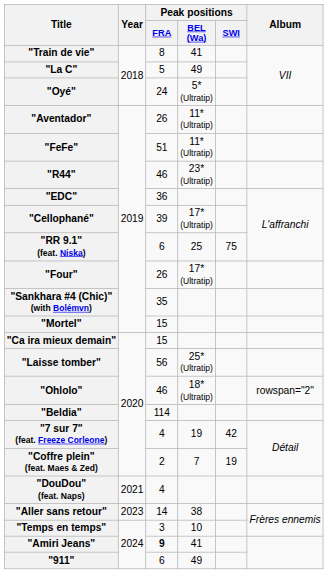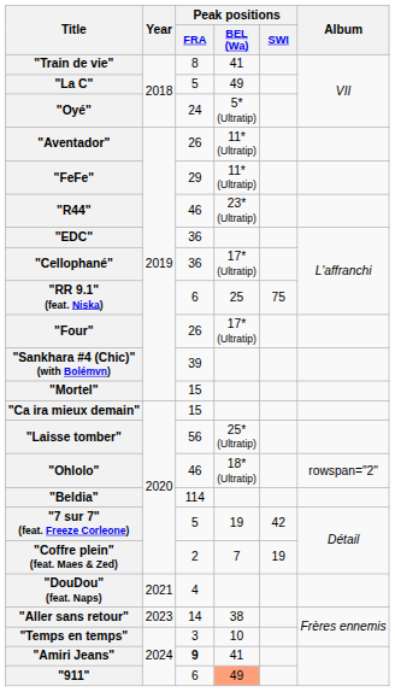 <table class="wikitable plainrowheaders" style="text-align:center">
 <tr>
 <th scope="col" rowspan="2">Title</th>
 <th scope="col" rowspan="2">Year</th>
 <th scope="col" colspan="3">Peak positions</th>
 <th scope="col" rowspan="2">Album</th>
 </tr>
 <tr>
 <th scope="col" style="width:3em;font-size:90%;"><a href='#'>FRA</a><br></th>
 <th scope="col" style="width:3em;font-size:90%;"><a href='#'>BEL <br>(Wa)</a><br></th>
 <th scope="col" style="width:3em;font-size:90%;"><a href='#'>SWI</a><br></th>
 </tr>
 <tr>
 <th scope="row">"Train de vie"</th>
 <td rowspan="3">2018</td>
 <td>8</td>
 <td>41</td>
 <td></td>
 <td rowspan="3"><em>VII</em></td>
 </tr>
 <tr>
 <th scope="row">"La C"</th>
 <td>5</td>
 <td>49</td>
 <td></td>
 </tr>
 <tr>
 <th scope="row">"Oyé"</th>
 <td>24</td>
 <td>5*<br><small>(Ultratip)</small></td>
 <td></td>
 </tr>
 <tr>
 <th scope="row">"Aventador"</th>
 <td rowspan="9">2019</td>
 <td>26</td>
 <td>11*<br><small>(Ultratip)</small></td>
 <td></td>
 <td></td>
 </tr>
 <tr>
 <th scope="row">"FeFe"</th>
-<td>51</td>
+<td>29</td>
 <td>11*<br><small>(Ultratip)</small></td>
 <td></td>
 <td></td>
 </tr>
 <tr>
 <th scope="row">"R44"</th>
 <td>46</td>
 <td>23*<br><small>(Ultratip)</small></td>
 <td></td>
 <td></td>
 </tr>
 <tr>
 <th scope="row">"EDC"</th>
 <td>36</td>
 <td></td>
 <td></td>
 <td rowspan="3"><em>L'affranchi</em></td>
 </tr>
 <tr>
 <th scope="row">"Cellophané"</th>
-<td>39</td>
+<td>36</td>
 <td>17*<br><small>(Ultratip)</small></td>
 <td></td>
 </tr>
 <tr>
 <th scope="row">"RR 9.1"<br><small>(feat. <a href='#'>Niska</a>)</small></th>
 <td>6</td>
 <td>25</td>
 <td>75</td>
 </tr>
 <tr>
 <th scope="row">"Four"</th>
 <td>26</td>
 <td>17*<br><small>(Ultratip)</small></td>
 <td></td>
 <td></td>
 </tr>
 <tr>
 <th scope="row">"Sankhara #4 (Chic)"<br><small>(with <a href='#'>Bolémvn</a>)</small></th>
-<td>35</td>
+<td>39</td>
 <td></td>
 <td></td>
 <td></td>
 </tr>
 <tr>
 <th scope="row">"Mortel"</th>
 <td>15</td>
 <td></td>
 <td></td>
 </tr>
 <tr>
 <th scope="row">"Ca ira mieux demain"</th>
 <td rowspan=6>2020</td>
 <td>15</td>
 <td></td>
 <td></td>
 <td></td>
 </tr>
 <tr>
 <th scope="row">"Laisse tomber"</th>
 <td>56</td>
 <td>25*<br><small>(Ultratip)</small></td>
 <td></td>
 <td></td>
 </tr>
 <tr>
 <th scope="row">"Ohlolo"</th>
 <td>46</td>
 <td>18*<br><small>(Ultratip)</small></td>
 <td></td>
 <td>rowspan="2" </td>
 </tr>
 <tr>
 <th scope="row">"Beldia"</th>
 <td>114</td>
 <td></td>
 <td></td>
 </tr>
 <tr>
 <th scope="row">"7 sur 7"<br><small>(feat. <a href='#'>Freeze Corleone</a>)</small></th>
-<td>4</td>
+<td>5</td>
 <td>19</td>
 <td>42</td>
 <td rowspan=2><em>Détail</em></td>
 </tr>
 <tr>
 <th scope="row">"Coffre plein"<br><small>(feat. Maes & Zed)</small></th>
 <td>2</td>
 <td>7</td>
 <td>19</td>
 </tr>
 <tr>
 <th scope="row">"DouDou"<br><small>(feat. Naps)</small></th>
 <td>2021</td>
 <td>4</td>
 <td></td>
 <td></td>
 </tr>
 <tr>
 <th scope="row">"Aller sans retour"<br></th>
 <td>2023</td>
 <td>14</td>
 <td>38</td>
 <td></td>
 <td rowspan="2"><em>Frères ennemis</em></td>
 </tr>
 <tr>
 <th scope="row">"Temps en temps"<br></th>
 <td rowspan=3>2024</td>
 <td>3</td>
 <td>10</td>
 <td></td>
 </tr>
 <tr>
 <th scope="row">"Amiri Jeans"<br></th>
 <td><strong>9</strong></td>
 <td>41</td>
 <td></td>
 </tr>
 <tr>
 <th scope="row">"911"<br></th>
 <td>6</td>
-<td>49</td>
+<td style="background: lightsalmon;">49</td>
 <td></td>
 </tr>
 </table>
